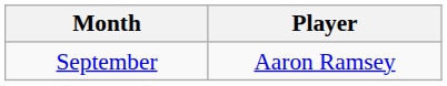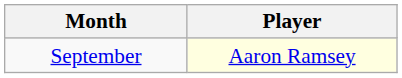 <table class="wikitable" style="text-align:center">
 <tr>
 <th>Month</th>
 <th>Player</th>
 </tr>
 <tr>
 <td width="130"><a href='#'>September</a></td>
-<td width="150"> <a href='#'>Aaron Ramsey</a></td>
+<td width="150" style="background: lightyellow;"> <a href='#'>Aaron Ramsey</a></td>
 </tr>
 </table>
